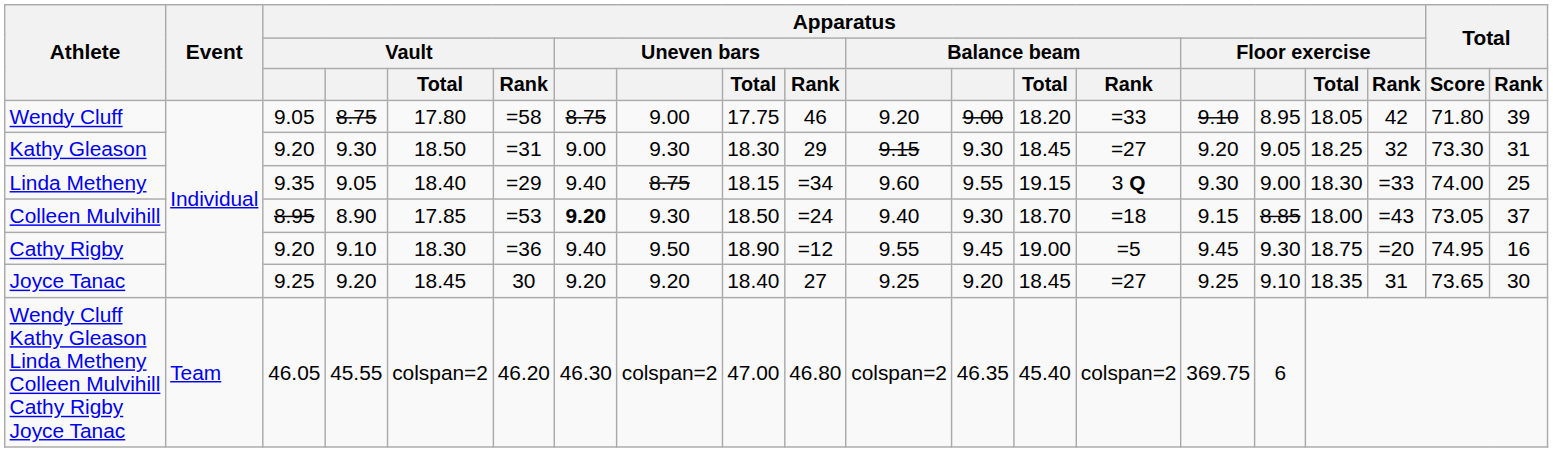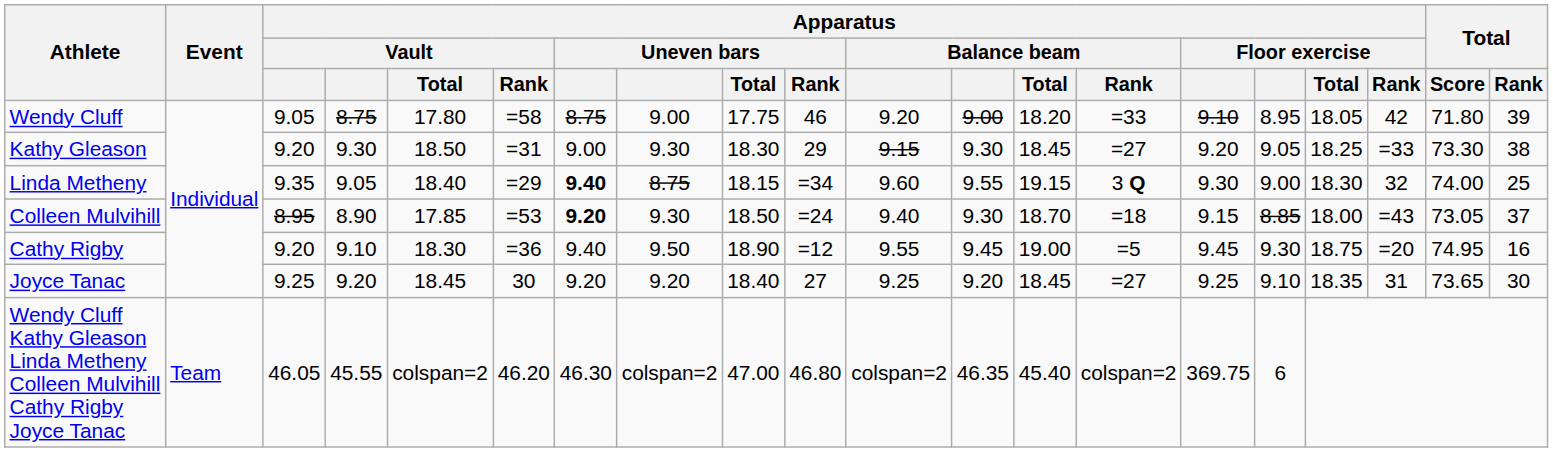 <table class=wikitable style=font-size:90%;text-align:center>
 <tr>
 <th rowspan=3>Athlete</th>
 <th rowspan=3>Event</th>
 <th colspan=16>Apparatus</th>
 <th colspan=2 rowspan=2>Total</th>
 </tr>
 <tr style=font-size:95%>
 <th colspan=4>Vault</th>
 <th colspan=4>Uneven bars</th>
 <th colspan=4>Balance beam</th>
 <th colspan=4>Floor exercise</th>
 </tr>
 <tr style=font-size:95%>
 <th></th>
 <th></th>
 <th>Total</th>
 <th>Rank</th>
 <th></th>
 <th></th>
 <th>Total</th>
 <th>Rank</th>
 <th></th>
 <th></th>
 <th>Total</th>
 <th>Rank</th>
 <th></th>
 <th></th>
 <th>Total</th>
 <th>Rank</th>
 <th>Score</th>
 <th>Rank</th>
 </tr>
 <tr>
 <td align=left><a href='#'>Wendy Cluff</a></td>
 <td align=left rowspan=6><a href='#'>Individual</a></td>
 <td>9.05</td>
 <td><s>8.75</s></td>
 <td>17.80</td>
 <td>=58</td>
 <td><s>8.75</s></td>
 <td>9.00</td>
 <td>17.75</td>
 <td>46</td>
 <td>9.20</td>
 <td><s>9.00</s></td>
 <td>18.20</td>
 <td>=33</td>
 <td><s>9.10</s></td>
 <td>8.95</td>
 <td>18.05</td>
 <td>42</td>
 <td>71.80</td>
 <td>39</td>
 </tr>
 <tr>
 <td align=left><a href='#'>Kathy Gleason</a></td>
 <td>9.20</td>
 <td>9.30</td>
 <td>18.50</td>
 <td>=31</td>
 <td>9.00</td>
 <td>9.30</td>
 <td>18.30</td>
 <td>29</td>
 <td><s>9.15</s></td>
 <td>9.30</td>
 <td>18.45</td>
 <td>=27</td>
 <td>9.20</td>
 <td>9.05</td>
 <td>18.25</td>
-<td>32</td>
+<td>=33</td>
 <td>73.30</td>
-<td>31</td>
+<td>38</td>
 </tr>
 <tr>
 <td align=left><a href='#'>Linda Metheny</a></td>
 <td>9.35</td>
 <td>9.05</td>
 <td>18.40</td>
 <td>=29</td>
-<td>9.40</td>
+<td><strong>9.40</strong></td>
 <td><s>8.75</s></td>
 <td>18.15</td>
 <td>=34</td>
 <td>9.60</td>
 <td>9.55</td>
 <td>19.15</td>
 <td>3 <strong>Q</strong></td>
 <td>9.30</td>
 <td>9.00</td>
 <td>18.30</td>
-<td>=33</td>
+<td>32</td>
 <td>74.00</td>
 <td>25</td>
 </tr>
 <tr>
 <td align=left><a href='#'>Colleen Mulvihill</a></td>
 <td><s>8.95</s></td>
 <td>8.90</td>
 <td>17.85</td>
 <td>=53</td>
 <td><strong>9.20</strong></td>
 <td>9.30</td>
 <td>18.50</td>
 <td>=24</td>
 <td>9.40</td>
 <td>9.30</td>
 <td>18.70</td>
 <td>=18</td>
 <td>9.15</td>
 <td><s>8.85</s></td>
 <td>18.00</td>
 <td>=43</td>
 <td>73.05</td>
 <td>37</td>
 </tr>
 <tr>
 <td align=left><a href='#'>Cathy Rigby</a></td>
 <td>9.20</td>
 <td>9.10</td>
 <td>18.30</td>
 <td>=36</td>
 <td>9.40</td>
 <td>9.50</td>
 <td>18.90</td>
 <td>=12</td>
 <td>9.55</td>
 <td>9.45</td>
 <td>19.00</td>
 <td>=5</td>
 <td>9.45</td>
 <td>9.30</td>
 <td>18.75</td>
 <td>=20</td>
 <td>74.95</td>
 <td>16</td>
 </tr>
 <tr>
 <td align=left><a href='#'>Joyce Tanac</a></td>
 <td>9.25</td>
 <td>9.20</td>
 <td>18.45</td>
 <td>30</td>
 <td>9.20</td>
 <td>9.20</td>
 <td>18.40</td>
 <td>27</td>
 <td>9.25</td>
 <td>9.20</td>
 <td>18.45</td>
 <td>=27</td>
 <td>9.25</td>
 <td>9.10</td>
 <td>18.35</td>
 <td>31</td>
 <td>73.65</td>
 <td>30</td>
 </tr>
 <tr>
 <td align=left><a href='#'>Wendy Cluff</a><br><a href='#'>Kathy Gleason</a><br><a href='#'>Linda Metheny</a><br><a href='#'>Colleen Mulvihill</a><br><a href='#'>Cathy Rigby</a><br><a href='#'>Joyce Tanac</a></td>
 <td align=left><a href='#'>Team</a></td>
 <td>46.05</td>
 <td>45.55</td>
 <td>colspan=2 </td>
 <td>46.20</td>
 <td>46.30</td>
 <td>colspan=2 </td>
 <td>47.00</td>
 <td>46.80</td>
 <td>colspan=2 </td>
 <td>46.35</td>
 <td>45.40</td>
 <td>colspan=2 </td>
 <td>369.75</td>
 <td>6</td>
 </tr>
 </table>
